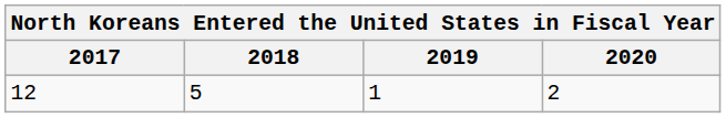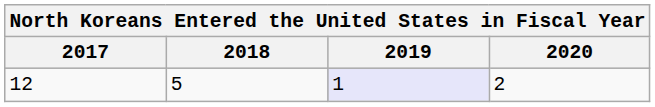 <table class="wikitable">
 <tr>
 <th colspan="4">North Koreans Entered the United States in Fiscal Year</th>
 </tr>
 <tr>
 <th>2017</th>
 <th>2018</th>
 <th>2019</th>
 <th>2020</th>
 </tr>
 <tr>
 <td>12</td>
 <td>5</td>
-<td>1</td>
+<td style="background: lavender;">1</td>
 <td>2</td>
 </tr>
 </table>
